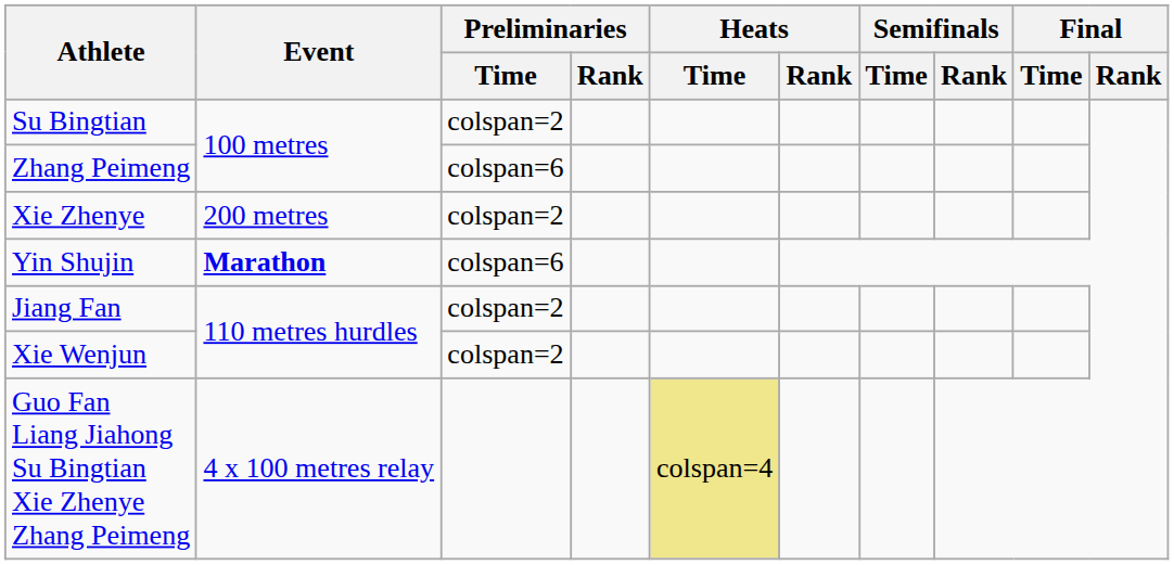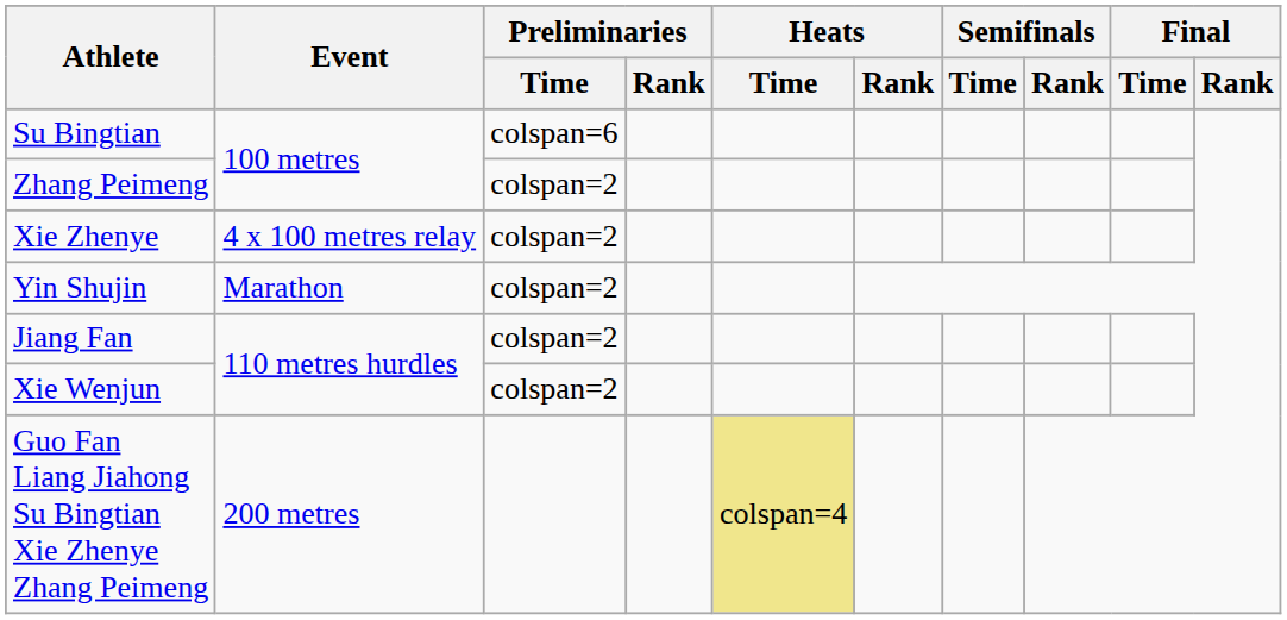 <table class=wikitable style="font-size:90%;">
 <tr>
 <th rowspan="2">Athlete</th>
 <th rowspan="2">Event</th>
 <th colspan="2">Preliminaries</th>
 <th colspan="2">Heats</th>
 <th colspan="2">Semifinals</th>
 <th colspan="2">Final</th>
 </tr>
 <tr>
 <th>Time</th>
 <th>Rank</th>
 <th>Time</th>
 <th>Rank</th>
 <th>Time</th>
 <th>Rank</th>
 <th>Time</th>
 <th>Rank</th>
 </tr>
 <tr style="border-top: single;">
 <td><a href='#'>Su Bingtian</a></td>
 <td rowspan=2><a href='#'>100 metres</a></td>
+<td>colspan=6 </td>
+<td align=center></td>
+<td align=center></td>
+<td align=center></td>
+<td align=center></td>
+<td align=center></td>
+<td align=center></td>
+</tr>
+<tr>
+<td><a href='#'>Zhang Peimeng</a></td>
 <td>colspan=2 </td>
 <td align=center></td>
 <td align=center></td>
 <td align=center></td>
 <td align=center></td>
 <td align=center></td>
 <td align=center></td>
 </tr>
 <tr>
-<td><a href='#'>Zhang Peimeng</a></td>
-<td>colspan=6 </td>
-<td align=center></td>
-<td align=center></td>
-<td align=center></td>
-<td align=center></td>
-<td align=center></td>
-<td align=center></td>
-</tr>
-<tr>
 <td><a href='#'>Xie Zhenye</a></td>
-<td><a href='#'>200 metres</a></td>
+<td><a href='#'>4 x 100 metres relay</a></td>
 <td>colspan=2 </td>
 <td align=center></td>
 <td align=center></td>
 <td align=center></td>
 <td align=center></td>
 <td align=center></td>
 <td align=center></td>
 </tr>
 <tr>
 <td><a href='#'>Yin Shujin</a></td>
-<td><strong><a href='#'>Marathon</a></strong></td>
-<td>colspan=6 </td>
+<td><a href='#'>Marathon</a></td>
+<td>colspan=2 </td>
 <td align=center></td>
 <td align=center></td>
 </tr>
 <tr>
 <td><a href='#'>Jiang Fan</a></td>
 <td rowspan=2><a href='#'>110 metres hurdles</a></td>
 <td>colspan=2 </td>
 <td align=center></td>
 <td align=center></td>
 <td align=center></td>
 <td align=center></td>
 <td align=center></td>
 <td align=center></td>
 </tr>
 <tr>
 <td><a href='#'>Xie Wenjun</a></td>
 <td>colspan=2 </td>
 <td align=center></td>
 <td align=center></td>
 <td align=center></td>
 <td align=center></td>
 <td align=center></td>
 <td align=center></td>
 </tr>
 <tr>
 <td><a href='#'>Guo Fan</a><br><a href='#'>Liang Jiahong</a><br><a href='#'>Su Bingtian</a><br><a href='#'>Xie Zhenye</a><br><a href='#'>Zhang Peimeng</a></td>
-<td><a href='#'>4 x 100 metres relay</a></td>
+<td><a href='#'>200 metres</a></td>
 <td align=center></td>
 <td align=center></td>
 <td style="background: khaki;">colspan=4 </td>
 <td align=center></td>
 <td align=center></td>
 </tr>
 </table>
